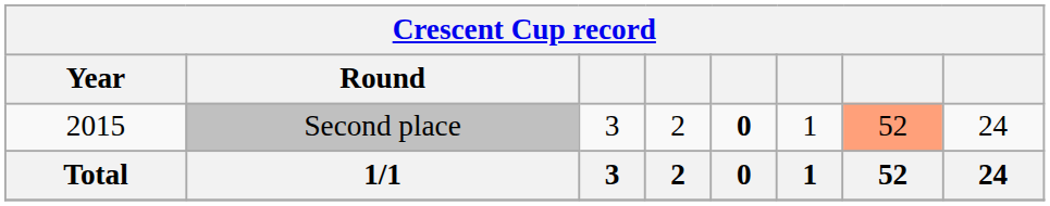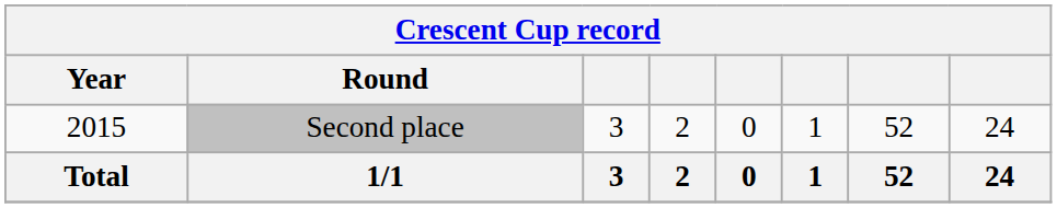 <table class="wikitable" style="font-size:90%; width: 40%; text-align: center;">
 <tr>
 <th colspan=8><a href='#'>Crescent Cup record</a></th>
 </tr>
 <tr>
 <th>Year</th>
 <th>Round</th>
 <th></th>
 <th></th>
 <th></th>
 <th></th>
 <th></th>
 <th></th>
 </tr>
 <tr>
 <td> 2015</td>
 <td bgcolor=silver>Second place</td>
 <td>3</td>
 <td>2</td>
-<td><strong>0</strong></td>
+<td>0</td>
 <td>1</td>
-<td style="background: lightsalmon;">52</td>
+<td>52</td>
 <td>24</td>
 </tr>
 <tr>
 <th>Total</th>
 <th>1/1</th>
 <th>3</th>
 <th>2</th>
 <th>0</th>
 <th>1</th>
 <th>52</th>
 <th>24</th>
 </tr>
 <tr>
 </tr>
 </table>
